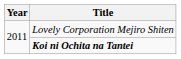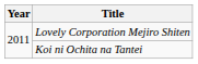 <table class="wikitable">
 <tr>
 <th>Year</th>
 <th>Title</th>
 </tr>
 <tr>
 <td rowspan="2">2011</td>
 <td><em>Lovely Corporation Mejiro Shiten</em></td>
 </tr>
 <tr>
-<td><strong><em>Koi ni Ochita na Tantei</em></strong></td>
+<td><em>Koi ni Ochita na Tantei</em></td>
 </tr>
 </table>
